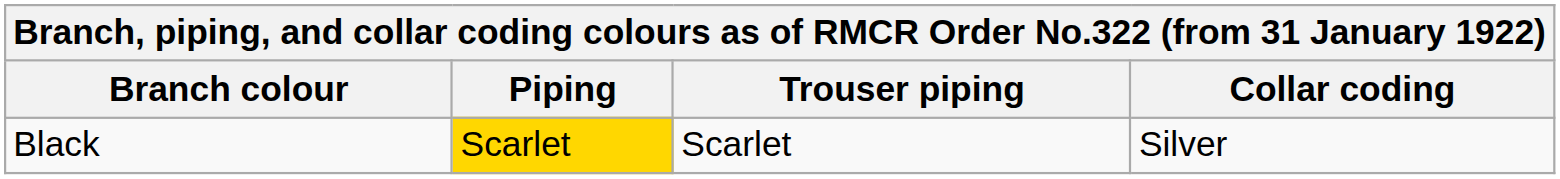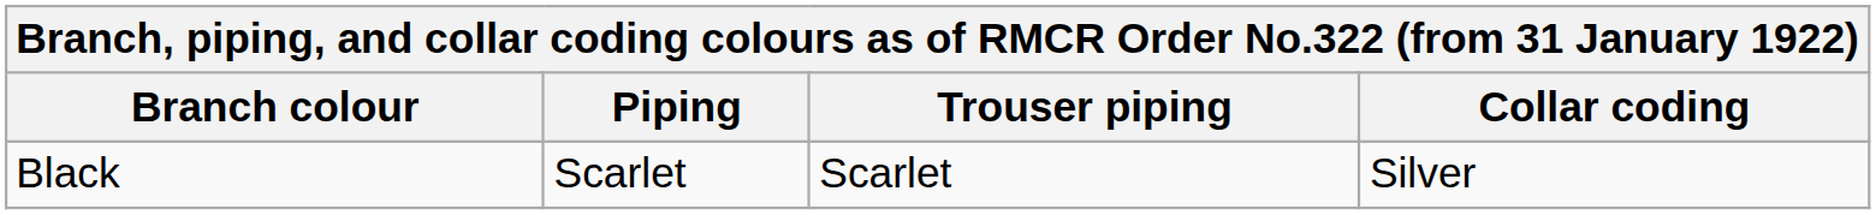 <table class="wikitable">
 <tr>
 <th colspan="4">Branch, piping, and collar coding colours as of RMCR Order No.322 (from 31 January 1922)</th>
 </tr>
 <tr>
 <th>Branch colour</th>
 <th>Piping</th>
 <th>Trouser piping</th>
 <th>Collar coding</th>
 </tr>
 <tr>
 <td>Black</td>
-<td style="background: gold;">Scarlet</td>
+<td>Scarlet</td>
 <td>Scarlet</td>
 <td>Silver</td>
 </tr>
 </table>
